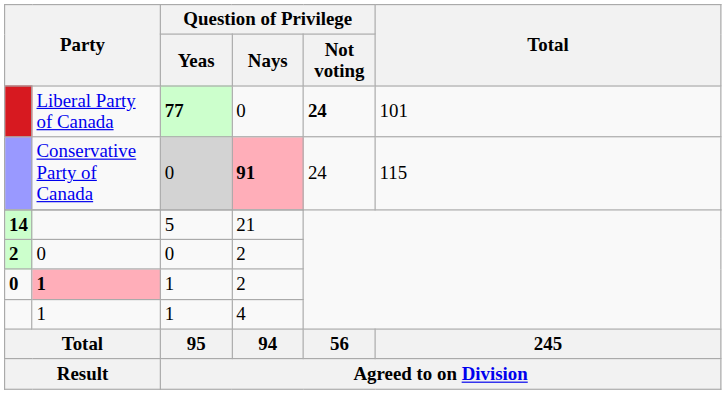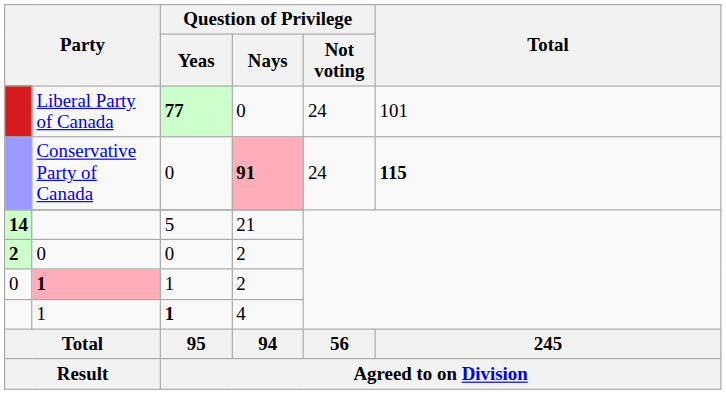 <table class="wikitable">
 <tr>
 <th style="width:20%;" colspan="2" rowspan="2">Party</th>
 <th colspan="3">Question of Privilege</th>
 <th rowspan="2">Total</th>
 </tr>
 <tr>
 <th style="width:10%;">Yeas</th>
 <th style="width:10%;">Nays</th>
 <th style="width:10%;">Not voting</th>
 </tr>
 <tr>
 <td style="background: #d71920"></td>
 <td><a href='#'>Liberal Party of Canada</a></td>
 <td style="background:#cfc;"><strong>77</strong></td>
 <td>0</td>
-<td><strong>24</strong></td>
+<td>24</td>
 <td>101</td>
 </tr>
 <tr>
 <td style="background: #9999ff"}></td>
 <td><a href='#'>Conservative Party of Canada</a></td>
-<td style="background: lightgrey;">0</td>
+<td>0</td>
 <td style="background:#ffaeb9;"><strong>91</strong></td>
 <td>24</td>
-<td>115</td>
+<td><strong>115</strong></td>
 </tr>
 <tr>
 </tr>
 <tr>
 <td style="background:#cfc;"><strong>14</strong></td>
 <td></td>
 <td>5</td>
 <td>21</td>
 </tr>
 <tr>
 <td style="background:#cfc;"><strong>2</strong></td>
 <td>0</td>
 <td>0</td>
 <td>2</td>
 </tr>
 <tr>
-<td><strong>0</strong></td>
+<td>0</td>
 <td style="background:#ffaeb9;"><strong>1</strong></td>
 <td>1</td>
 <td>2</td>
 </tr>
 <tr>
 <td></td>
 <td>1</td>
-<td>1</td>
+<td><strong>1</strong></td>
 <td>4</td>
 </tr>
 <tr>
 <th colspan="2">Total</th>
 <th>95</th>
 <th>94</th>
 <th>56</th>
 <th>245</th>
 </tr>
 <tr>
 <th colspan="2">Result</th>
 <th colspan="4">Agreed to on <a href='#'>Division</a></th>
 </tr>
 </table>
